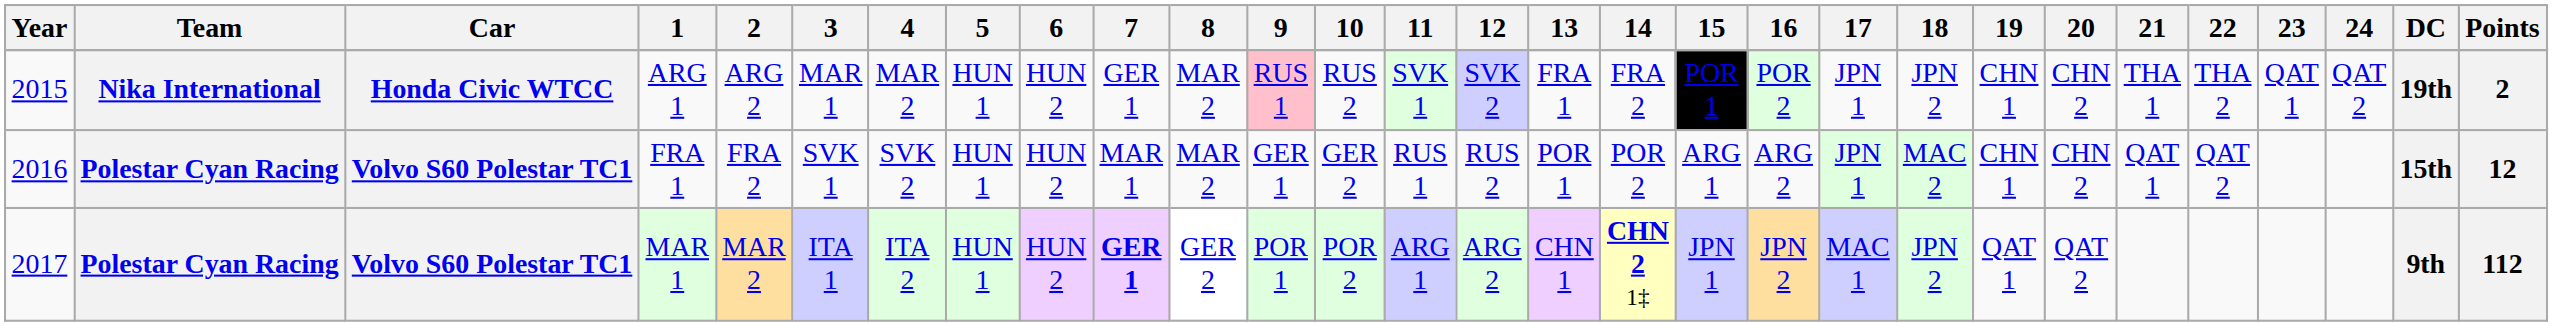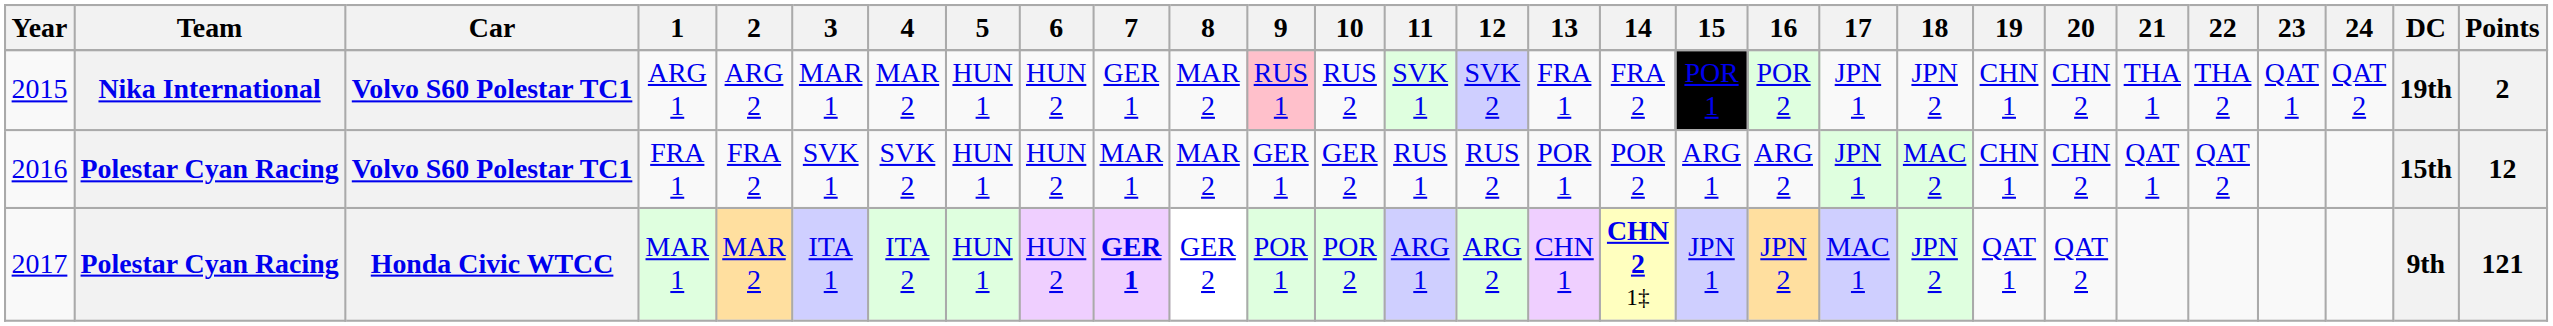 <table class="wikitable" style="text-align:center; font-size:85%">
 <tr>
 <th>Year</th>
 <th>Team</th>
 <th>Car</th>
 <th>1</th>
 <th>2</th>
 <th>3</th>
 <th>4</th>
 <th>5</th>
 <th>6</th>
 <th>7</th>
 <th>8</th>
 <th>9</th>
 <th>10</th>
 <th>11</th>
 <th>12</th>
 <th>13</th>
 <th>14</th>
 <th>15</th>
 <th>16</th>
 <th>17</th>
 <th>18</th>
 <th>19</th>
 <th>20</th>
 <th>21</th>
 <th>22</th>
 <th>23</th>
 <th>24</th>
 <th>DC</th>
 <th>Points</th>
 </tr>
 <tr>
 </tr>
 <tr>
 <td><a href='#'>2015</a></td>
 <th><a href='#'>Nika International</a></th>
-<th><a href='#'>Honda Civic WTCC</a></th>
+<th><a href='#'>Volvo S60 Polestar TC1</a></th>
 <td><a href='#'>ARG<br>1</a></td>
 <td><a href='#'>ARG<br>2</a></td>
 <td><a href='#'>MAR<br>1</a></td>
 <td><a href='#'>MAR<br>2</a></td>
 <td><a href='#'>HUN<br>1</a></td>
 <td><a href='#'>HUN<br>2</a></td>
 <td><a href='#'>GER<br>1</a></td>
 <td><a href='#'>MAR<br>2</a></td>
 <td style="background: pink;"><a href='#'>RUS<br>1</a></td>
 <td><a href='#'>RUS<br>2</a></td>
 <td style=background:#DFFFDF><a href='#'>SVK<br>1</a><br></td>
 <td style=background:#CFCFFF><a href='#'>SVK<br>2</a><br></td>
 <td><a href='#'>FRA<br>1</a></td>
 <td><a href='#'>FRA<br>2</a></td>
 <td style="background:#000000; color:white"><a href='#'><span>POR<br>1</span></a><br></td>
 <td style=background:#DFFFDF><a href='#'>POR<br>2</a><br></td>
 <td><a href='#'>JPN<br>1</a></td>
 <td><a href='#'>JPN<br>2</a></td>
 <td><a href='#'>CHN<br>1</a></td>
 <td><a href='#'>CHN<br>2</a></td>
 <td><a href='#'>THA<br>1</a></td>
 <td><a href='#'>THA<br>2</a></td>
 <td><a href='#'>QAT<br>1</a></td>
 <td><a href='#'>QAT<br>2</a></td>
 <th>19th</th>
 <th>2</th>
 </tr>
 <tr>
 <td><a href='#'>2016</a></td>
 <th><a href='#'>Polestar Cyan Racing</a></th>
 <th><a href='#'>Volvo S60 Polestar TC1</a></th>
 <td><a href='#'>FRA<br>1</a></td>
 <td><a href='#'>FRA<br>2</a></td>
 <td><a href='#'>SVK<br>1</a></td>
 <td><a href='#'>SVK<br>2</a></td>
 <td><a href='#'>HUN<br>1</a></td>
 <td><a href='#'>HUN<br>2</a></td>
 <td><a href='#'>MAR<br>1</a></td>
 <td><a href='#'>MAR<br>2</a></td>
 <td><a href='#'>GER<br>1</a></td>
 <td><a href='#'>GER<br>2</a></td>
 <td><a href='#'>RUS<br>1</a></td>
 <td><a href='#'>RUS<br>2</a></td>
 <td><a href='#'>POR<br>1</a></td>
 <td><a href='#'>POR<br>2</a></td>
 <td><a href='#'>ARG<br>1</a></td>
 <td><a href='#'>ARG<br>2</a></td>
 <td style=background:#DFFFDF><a href='#'>JPN<br>1</a><br></td>
 <td style=background:#DFFFDF><a href='#'>MAC<br>2</a><br></td>
 <td><a href='#'>CHN<br>1</a></td>
 <td><a href='#'>CHN<br>2</a></td>
 <td><a href='#'>QAT<br>1</a></td>
 <td><a href='#'>QAT<br>2</a></td>
 <td></td>
 <td></td>
 <th>15th</th>
 <th>12</th>
 </tr>
 <tr>
 <td><a href='#'>2017</a></td>
 <th><a href='#'>Polestar Cyan Racing</a></th>
-<th><a href='#'>Volvo S60 Polestar TC1</a></th>
+<th><a href='#'>Honda Civic WTCC</a></th>
 <td style=background:#DFFFDF><a href='#'>MAR<br>1</a><br></td>
 <td style=background:#FFDF9F><a href='#'>MAR<br>2</a><br></td>
 <td style=background:#CFCFFF><a href='#'>ITA<br>1</a><br></td>
 <td style=background:#DFFFDF><a href='#'>ITA<br>2</a><br></td>
 <td style=background:#DFFFDF><a href='#'>HUN<br>1</a><br></td>
 <td style=background:#EFCFFF><a href='#'>HUN<br>2</a><br></td>
 <td style=background:#EFCFFF><strong><a href='#'>GER<br>1</a></strong><br></td>
 <td style=background:#FFFFFF><a href='#'>GER<br>2</a><br></td>
 <td style=background:#DFFFDF><a href='#'>POR<br>1</a><br></td>
 <td style=background:#DFFFDF><a href='#'>POR<br>2</a><br></td>
 <td style=background:#CFCFFF><a href='#'>ARG<br>1</a><br></td>
 <td style=background:#DFFFDF><a href='#'>ARG<br>2</a><br></td>
 <td style=background:#EFCFFF><a href='#'>CHN<br>1</a><br></td>
 <td style=background:#FFFFBF><strong><a href='#'>CHN<br>2</a></strong><br><small>1‡</small></td>
 <td style=background:#CFCFFF><a href='#'>JPN<br>1</a><br></td>
 <td style=background:#FFDF9F><a href='#'>JPN<br>2</a><br></td>
 <td style=background:#CFCFFF><a href='#'>MAC<br>1</a><br></td>
 <td style=background:#DFFFDF><a href='#'>JPN<br>2</a><br></td>
 <td><a href='#'>QAT<br>1</a></td>
 <td><a href='#'>QAT<br>2</a></td>
 <td></td>
 <td></td>
 <td></td>
 <td></td>
 <th>9th</th>
-<th>112</th>
+<th>121</th>
 </tr>
 </table>
